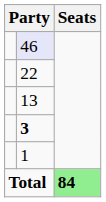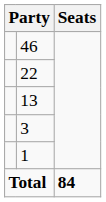 <table class="wikitable">
 <tr>
 <th colspan=2>Party</th>
 <th>Seats</th>
 </tr>
 <tr>
 <td></td>
-<td style="background: lavender;">46</td>
+<td>46</td>
 </tr>
 <tr>
 <td></td>
 <td>22</td>
 </tr>
 <tr>
 <td></td>
 <td>13</td>
 </tr>
 <tr>
 <td></td>
-<td><strong>3</strong></td>
+<td>3</td>
 </tr>
 <tr>
 <td></td>
 <td>1</td>
 </tr>
 <tr>
 <td colspan="2"><strong>Total</strong></td>
-<td style="background: lightgreen;"><strong>84</strong></td>
+<td><strong>84</strong></td>
 </tr>
 </table>
